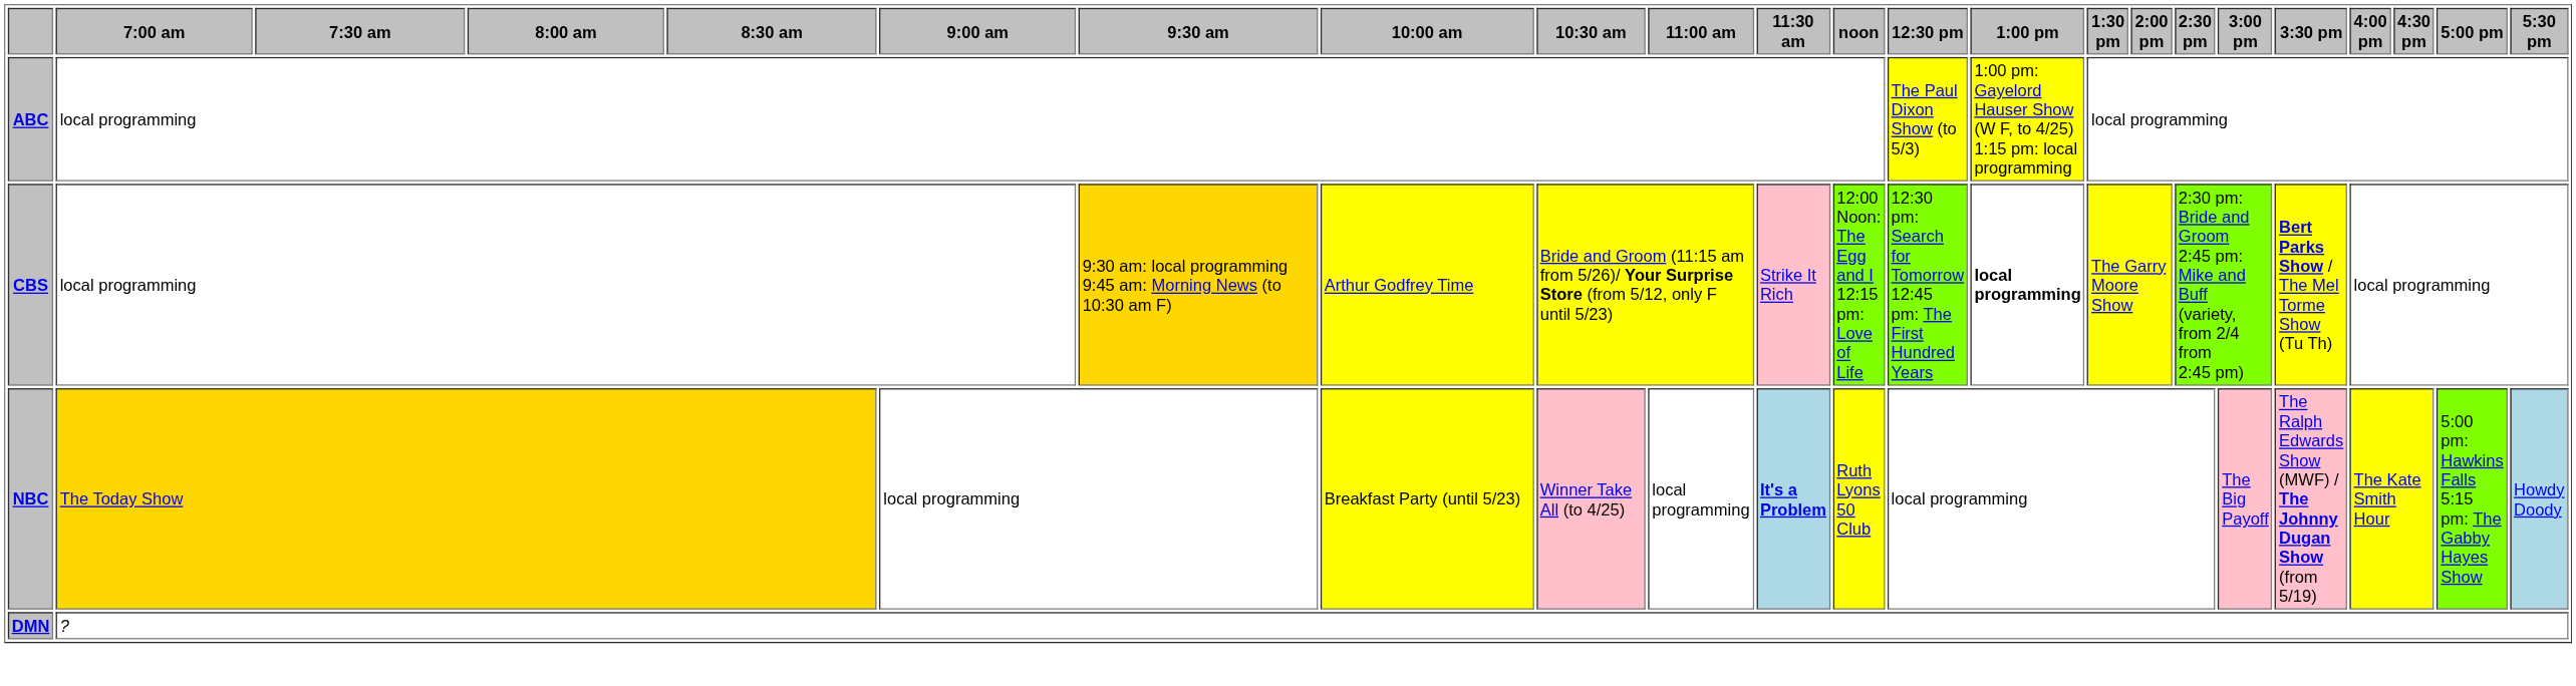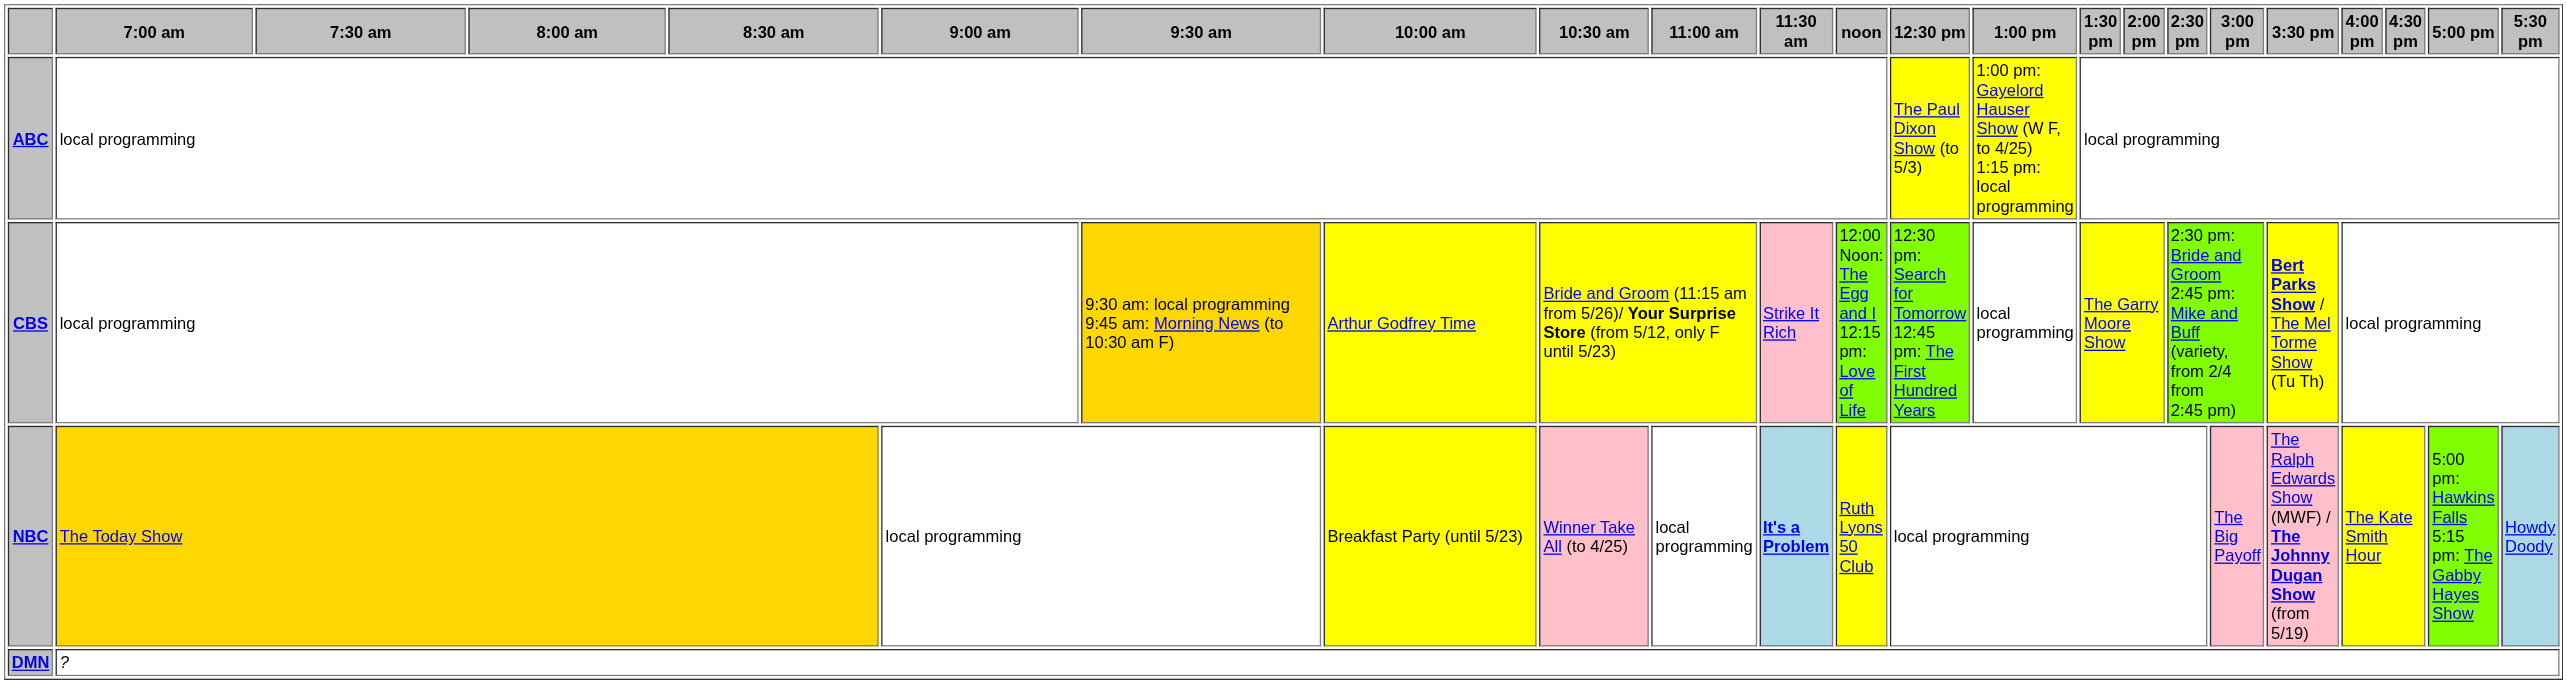 <table border="1" cellpadding="2" style="font-size:80%">
 <tr>
 <th bgcolor="#C0C0C0"> </th>
 <th width="13%" bgcolor="#C0C0C0">7:00 am</th>
 <th width="14%" bgcolor="#C0C0C0">7:30 am</th>
 <th width="13%" bgcolor="#C0C0C0">8:00 am</th>
 <th width="14%" bgcolor="#C0C0C0">8:30 am</th>
 <th width="13%" bgcolor="#C0C0C0">9:00 am</th>
 <th width="14%" bgcolor="#C0C0C0">9:30 am</th>
 <th width="13%" bgcolor="#C0C0C0">10:00 am</th>
 <th width="14%" bgcolor="#C0C0C0">10:30 am</th>
 <th width="13%" bgcolor="#C0C0C0">11:00 am</th>
 <th width="14%" bgcolor="#C0C0C0">11:30 am</th>
 <th width="13%" bgcolor="#C0C0C0">noon</th>
 <th width="14%" bgcolor="#C0C0C0">12:30 pm</th>
 <th width="13%" bgcolor="#C0C0C0">1:00 pm</th>
 <th width="14%" bgcolor="#C0C0C0">1:30 pm</th>
 <th width="13%" bgcolor="#C0C0C0">2:00 pm</th>
 <th width="14%" bgcolor="#C0C0C0">2:30 pm</th>
 <th width="13%" bgcolor="#C0C0C0">3:00 pm</th>
 <th width="14%" bgcolor="#C0C0C0">3:30 pm</th>
 <th width="13%" bgcolor="#C0C0C0">4:00 pm</th>
 <th width="14%" bgcolor="#C0C0C0">4:30 pm</th>
 <th width="13%" bgcolor="#C0C0C0">5:00 pm</th>
 <th width="14%" bgcolor="#C0C0C0">5:30 pm</th>
 </tr>
 <tr>
 <th bgcolor="#C0C0C0"><a href='#'>ABC</a></th>
 <td bgcolor="white" colspan="11">local programming</td>
 <td bgcolor="yellow"><a href='#'>The Paul Dixon Show</a> (to 5/3)</td>
 <td bgcolor="yellow">1:00 pm: <a href='#'>Gayelord Hauser Show</a> (W F, to 4/25)<br>1:15 pm: local programming</td>
 <td bgcolor="white" colspan="9">local programming</td>
 </tr>
 <tr>
 <th bgcolor="#C0C0C0"><a href='#'>CBS</a></th>
 <td bgcolor="white" colspan="5">local programming</td>
 <td bgcolor="gold">9:30 am: local programming<br>9:45 am: <a href='#'>Morning News</a> (to 10:30 am F)</td>
 <td bgcolor="yellow"><a href='#'>Arthur Godfrey Time</a></td>
 <td bgcolor="yellow" colspan="2"><a href='#'>Bride and Groom</a> (11:15 am from 5/26)/ <strong>Your Surprise Store</strong> (from 5/12, only F until 5/23)</td>
 <td bgcolor="pink"><a href='#'>Strike It Rich</a></td>
 <td bgcolor="chartreuse">12:00 Noon: <a href='#'>The Egg and I</a><br>12:15 pm: <a href='#'>Love of Life</a></td>
 <td bgcolor="chartreuse">12:30 pm: <a href='#'>Search for Tomorrow</a><br>12:45 pm: <a href='#'>The First Hundred Years</a></td>
-<td bgcolor="white"><strong>local programming</strong></td>
+<td bgcolor="white">local programming</td>
 <td bgcolor="yellow" colspan="2"><a href='#'>The Garry Moore Show</a></td>
 <td bgcolor="chartreuse" colspan="2">2:30 pm: <a href='#'>Bride and Groom</a><br>2:45 pm: <a href='#'>Mike and Buff</a> (variety, from 2/4 from 2:45 pm)</td>
 <td bgcolor="yellow"><strong><a href='#'>Bert Parks Show</a></strong> / <a href='#'>The Mel Torme Show</a> (Tu Th)</td>
 <td bgcolor="white" colspan="4">local programming</td>
 </tr>
 <tr>
 <th bgcolor="#C0C0C0"><a href='#'>NBC</a></th>
 <td bgcolor="gold" colspan="4"><a href='#'>The Today Show</a></td>
 <td bgcolor="white" colspan="2">local programming</td>
 <td bgcolor="yellow">Breakfast Party (until 5/23)</td>
 <td bgcolor="pink"><a href='#'>Winner Take All</a> (to 4/25)</td>
 <td bgcolor="white">local programming</td>
 <td bgcolor="lightblue"><strong><a href='#'>It's a Problem</a></strong></td>
 <td bgcolor="yellow"><a href='#'>Ruth Lyons 50 Club</a></td>
 <td bgcolor="white" colspan="5">local programming</td>
 <td bgcolor="pink"><a href='#'>The Big Payoff</a></td>
 <td bgcolor="pink"><a href='#'>The Ralph Edwards Show</a> (MWF) / <strong><a href='#'>The Johnny Dugan Show</a></strong> (from 5/19)</td>
 <td bgcolor="yellow" colspan="2"><a href='#'>The Kate Smith Hour</a></td>
 <td bgcolor="chartreuse">5:00 pm: <a href='#'>Hawkins Falls</a><br>5:15 pm: <a href='#'>The Gabby Hayes Show</a></td>
 <td bgcolor="lightblue"><a href='#'>Howdy Doody</a></td>
 </tr>
 <tr>
 <th bgcolor="#C0C0C0"><a href='#'>DMN</a></th>
 <td bgcolor="white" colspan="22"><em>?</em></td>
 </tr>
 </table>
